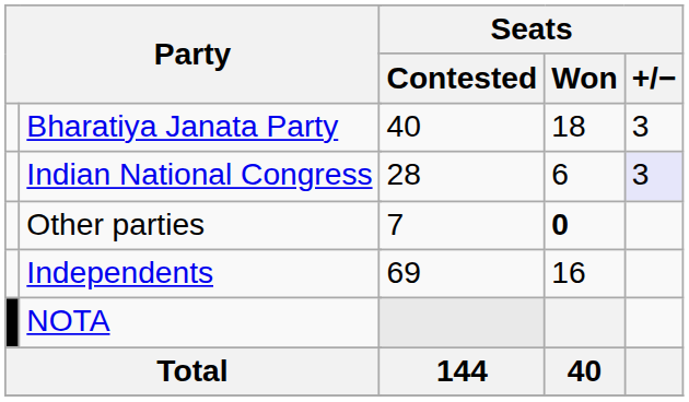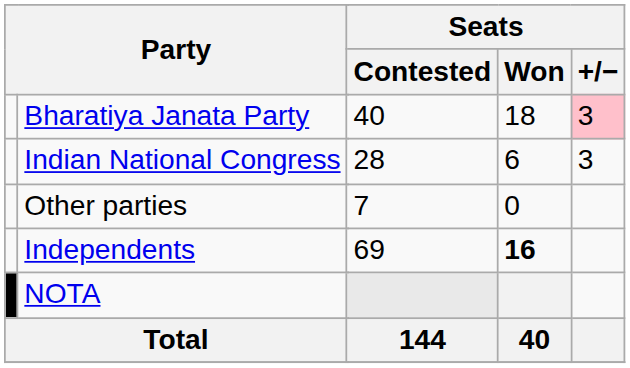 <table class="wikitable">
 <tr>
 <th colspan="4" rowspan="2">Party</th>
 <th colspan="3">Seats</th>
 </tr>
 <tr>
 <th>Contested</th>
 <th>Won</th>
 <th><strong>+/−</strong></th>
 </tr>
 <tr>
 <td></td>
 <td colspan="3"><a href='#'>Bharatiya Janata Party</a></td>
 <td>40</td>
 <td>18</td>
-<td>3</td>
+<td style="background: pink;">3</td>
 </tr>
 <tr>
 <td></td>
 <td colspan="3"><a href='#'>Indian National Congress</a></td>
 <td>28</td>
 <td>6</td>
-<td style="background: lavender;">3</td>
+<td>3</td>
 </tr>
 <tr>
 <td></td>
 <td colspan="3">Other parties</td>
 <td>7</td>
-<td><strong>0</strong></td>
+<td>0</td>
 <td></td>
 </tr>
 <tr>
 <td></td>
 <td colspan="3"><a href='#'>Independents</a></td>
 <td>69</td>
-<td>16</td>
+<td><strong>16</strong></td>
 <td></td>
 </tr>
 <tr>
 <td style="background:Black; color:White"></td>
 <td colspan="3"><a href='#'>NOTA</a></td>
 <th style="background-color:#E9E9E9"></th>
 <th></th>
 <td></td>
 </tr>
 <tr>
 <th colspan="4">Total</th>
 <th>144</th>
 <th>40</th>
 <th></th>
 </tr>
 <tr>
 </tr>
 </table>
